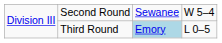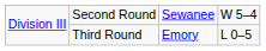 <table class="wikitable">
 <tr>
 <td rowspan="5"><a href='#'>Division III</a></td>
 <td>Second Round</td>
 <td><a href='#'>Sewanee</a></td>
 <td>W 5–4</td>
 </tr>
 <tr>
 <td>Third Round</td>
-<td style="background: lightblue;"><a href='#'>Emory</a></td>
+<td><a href='#'>Emory</a></td>
 <td>L 0–5</td>
 </tr>
 </table>
